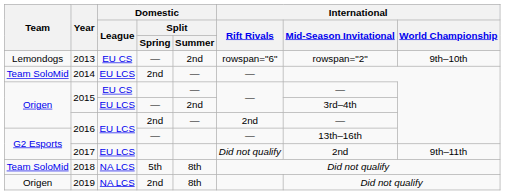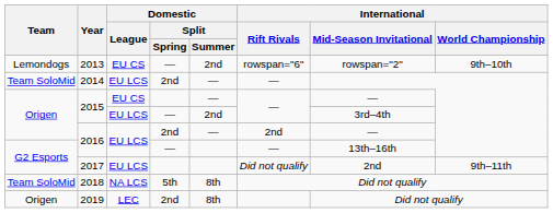 <table class="wikitable" style="font-size:90%; text-align:center;">
 <tr style="background:#f0f6ff;">
 <th rowspan=3>Team</th>
 <th rowspan=3>Year</th>
 <th colspan=3>Domestic</th>
 <th colspan=3>International</th>
 </tr>
 <tr>
 <th rowspan=2>League</th>
 <th colspan=2>Split</th>
 <th rowspan=2><a href='#'>Rift Rivals</a></th>
 <th rowspan=2><a href='#'>Mid-Season Invitational</a></th>
 <th rowspan=2><a href='#'>World Championship</a></th>
 </tr>
 <tr>
 <th>Spring</th>
 <th>Summer</th>
 </tr>
 <tr>
 <td>Lemondogs</td>
 <td>2013</td>
 <td><a href='#'>EU CS</a></td>
 <td>—</td>
 <td>2nd</td>
 <td>rowspan="6" </td>
 <td>rowspan="2" </td>
 <td>9th–10th</td>
 </tr>
 <tr>
 <td><a href='#'>Team SoloMid</a></td>
 <td>2014</td>
 <td><a href='#'>EU LCS</a></td>
 <td>2nd</td>
 <td>—</td>
 <td>—</td>
 </tr>
 <tr>
 <td rowspan="3"><a href='#'>Origen</a></td>
 <td rowspan="2">2015</td>
 <td><a href='#'>EU CS</a></td>
 <td></td>
 <td>—</td>
 <td rowspan="2">—</td>
 <td>—</td>
 </tr>
 <tr>
 <td><a href='#'>EU LCS</a></td>
 <td>—</td>
 <td>2nd</td>
 <td>3rd–4th</td>
 </tr>
 <tr>
 <td rowspan="2">2016</td>
 <td rowspan="2"><a href='#'>EU LCS</a></td>
 <td>2nd</td>
 <td>—</td>
 <td>2nd</td>
 <td>—</td>
 </tr>
 <tr>
 <td rowspan="2"><a href='#'>G2 Esports</a></td>
 <td>—</td>
 <td></td>
 <td>—</td>
 <td>13th–16th</td>
 </tr>
 <tr>
 <td>2017</td>
 <td><a href='#'>EU LCS</a></td>
 <td></td>
 <td></td>
 <td><em>Did not qualify</em></td>
 <td>2nd</td>
 <td>9th–11th</td>
 </tr>
 <tr>
 <td><a href='#'>Team SoloMid</a></td>
 <td>2018</td>
 <td><a href='#'>NA LCS</a></td>
 <td>5th</td>
 <td>8th</td>
 <td colspan="3"><em>Did not qualify</em></td>
 </tr>
 <tr>
 <td>Origen</td>
 <td>2019</td>
-<td><a href='#'>NA LCS</a></td>
+<td><a href='#'>LEC</a></td>
 <td>2nd</td>
 <td>8th</td>
 <td></td>
 <td colspan="2"><em>Did not qualify</em></td>
 </tr>
 </table>
